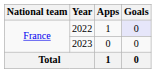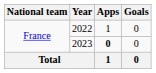 <table class="wikitable" style="text-align:center">
 <tr>
 <th>National team</th>
 <th>Year</th>
 <th>Apps</th>
 <th>Goals</th>
 </tr>
 <tr>
 <td rowspan="2"><a href='#'>France</a></td>
 <td>2022</td>
 <td>1</td>
-<td style="background: lavender;">0</td>
+<td>0</td>
 </tr>
 <tr>
 <td>2023</td>
-<td>0</td>
+<td><strong>0</strong></td>
 <td>0</td>
 </tr>
 <tr>
 <th colspan="2">Total</th>
 <th>1</th>
 <th>0</th>
 </tr>
 </table>
